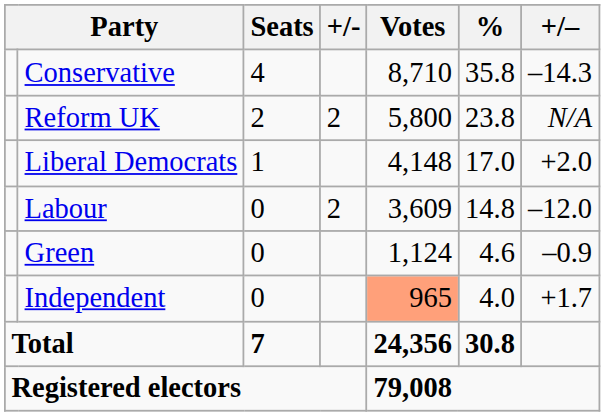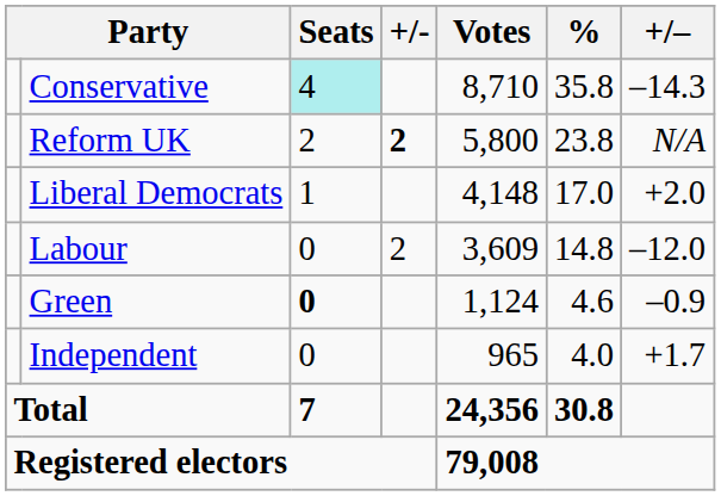 <table class="wikitable sortable">
 <tr>
 <th colspan="2">Party</th>
 <th>Seats</th>
 <th>+/-</th>
 <th>Votes</th>
 <th>%</th>
 <th>+/–</th>
 </tr>
 <tr>
 <td style="background-color: "></td>
 <td><a href='#'>Conservative</a></td>
-<td>4</td>
+<td style="background: paleturquoise;">4</td>
 <td></td>
 <td style="text-align:right;">8,710</td>
 <td style="text-align:right;">35.8</td>
 <td style="text-align:right;">–14.3</td>
 </tr>
 <tr>
 <td style="background-color: "></td>
 <td><a href='#'>Reform UK</a></td>
 <td>2</td>
-<td>  2</td>
+<td><strong>  2</strong></td>
 <td style="text-align:right;">5,800</td>
 <td style="text-align:right;">23.8</td>
 <td style="text-align:right;"><em>N/A</em></td>
 </tr>
 <tr>
 <td style="background-color: "></td>
 <td><a href='#'>Liberal Democrats</a></td>
 <td> 1</td>
 <td> </td>
 <td style="text-align:right;">4,148</td>
 <td style="text-align:right;">17.0</td>
 <td style="text-align:right;">+2.0</td>
 </tr>
 <tr>
 <td style="background-color: "></td>
 <td><a href='#'>Labour</a></td>
 <td>0</td>
 <td> 2</td>
 <td style="text-align:right;"> 3,609</td>
 <td style="text-align:right;">14.8</td>
 <td style="text-align:right;">–12.0</td>
 </tr>
 <tr>
 <td style="background-color: "></td>
 <td><a href='#'>Green</a></td>
-<td>0</td>
+<td><strong>0</strong></td>
 <td></td>
 <td style="text-align:right;">1,124</td>
 <td style="text-align:right;">4.6</td>
 <td style="text-align:right;">–0.9</td>
 </tr>
 <tr>
 <td style="background-color: "></td>
 <td><a href='#'>Independent</a></td>
 <td>0</td>
 <td></td>
-<td style="background: lightsalmon; text-align:right;">965</td>
+<td style="text-align:right;">965</td>
 <td style="text-align:right;">4.0</td>
 <td style="text-align:right;">+1.7</td>
 </tr>
 <tr>
 <td colspan="2"><strong>Total</strong></td>
 <td><strong>7</strong></td>
 <td></td>
 <td style="text-align:right;"><strong>24,356</strong></td>
 <td style="text-align:right;"><strong>30.8</strong></td>
 <td style="text-align:right;"></td>
 </tr>
 <tr>
 <td colspan="4"><strong>Registered electors</strong></td>
 <td colspan="3" style="text-align:left;"><strong>79,008</strong></td>
 </tr>
 </table>
